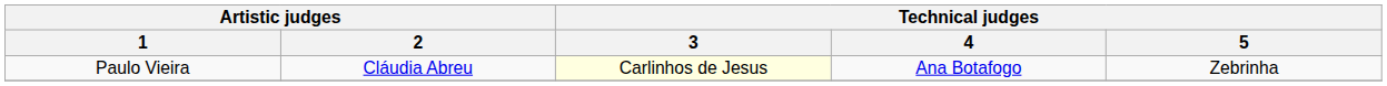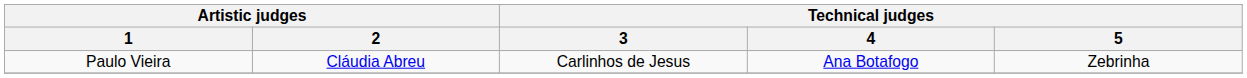 <table class="wikitable" style="font-size:100%; line-height:16px; text-align:center" width="100%">
 <tr>
 <th colspan=2>Artistic judges</th>
 <th colspan=3>Technical judges</th>
 </tr>
 <tr>
 <th width="20.0%">1</th>
 <th width="20.0%">2</th>
 <th width="20.0%">3</th>
 <th width="20.0%">4</th>
 <th width="20.0%">5</th>
 </tr>
 <tr>
 <td>Paulo Vieira</td>
 <td><a href='#'>Cláudia Abreu</a></td>
-<td style="background: lightyellow;">Carlinhos de Jesus</td>
+<td>Carlinhos de Jesus</td>
 <td><a href='#'>Ana Botafogo</a></td>
 <td>Zebrinha</td>
 </tr>
 <tr>
 </tr>
 </table>
